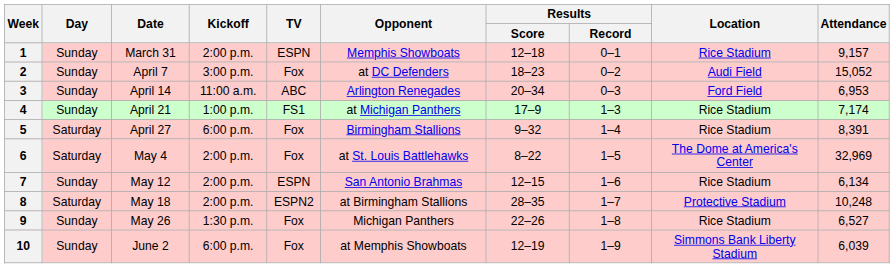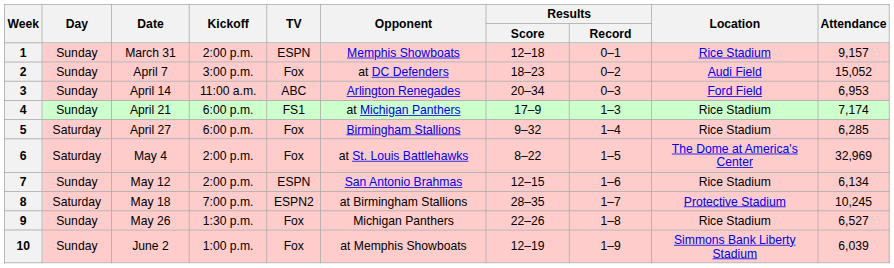 <table class="wikitable" style="text-align:center; font-size: 95%;">
 <tr>
 <th rowspan="2" width="40">Week</th>
 <th rowspan="2" width="80">Day</th>
 <th rowspan="2" width="90">Date</th>
 <th rowspan="2" width="90">Kickoff</th>
 <th rowspan="2" width="60">TV</th>
 <th rowspan="2" width="200">Opponent</th>
 <th colspan="2" width="200">Results</th>
 <th rowspan="2" width="200">Location</th>
 <th rowspan="2">Attendance</th>
 </tr>
 <tr>
 <th width="60">Score</th>
 <th width="60">Record</th>
 </tr>
 <tr style="background:#ffcccc">
 <th>1</th>
 <td>Sunday</td>
 <td>March 31</td>
 <td>2:00 p.m.</td>
 <td>ESPN</td>
 <td><a href='#'>Memphis Showboats</a></td>
 <td>12–18</td>
 <td>0–1</td>
 <td><a href='#'>Rice Stadium</a></td>
 <td>9,157</td>
 </tr>
 <tr style="background:#ffcccc">
 <th>2</th>
 <td>Sunday</td>
 <td>April 7</td>
 <td>3:00 p.m.</td>
 <td>Fox</td>
 <td>at <a href='#'>DC Defenders</a></td>
 <td>18–23</td>
 <td>0–2</td>
 <td><a href='#'>Audi Field</a></td>
 <td>15,052</td>
 </tr>
 <tr style="background:#ffcccc">
 <th>3</th>
 <td>Sunday</td>
 <td>April 14</td>
 <td>11:00 a.m.</td>
 <td>ABC</td>
 <td><a href='#'>Arlington Renegades</a></td>
 <td>20–34</td>
 <td>0–3</td>
 <td><a href='#'>Ford Field</a></td>
 <td>6,953</td>
 </tr>
 <tr style="background:#ccffcc">
 <th>4</th>
 <td>Sunday</td>
 <td>April 21</td>
-<td>1:00 p.m.</td>
+<td>6:00 p.m.</td>
 <td>FS1</td>
 <td>at <a href='#'>Michigan Panthers</a></td>
 <td>17–9</td>
 <td>1–3</td>
 <td>Rice Stadium</td>
 <td>7,174</td>
 </tr>
 <tr style="background:#ffcccc">
 <th>5</th>
 <td>Saturday</td>
 <td>April 27</td>
 <td>6:00 p.m.</td>
 <td>Fox</td>
 <td><a href='#'>Birmingham Stallions</a></td>
 <td>9–32</td>
 <td>1–4</td>
 <td>Rice Stadium</td>
-<td>8,391</td>
+<td>6,285</td>
 </tr>
 <tr style="background:#ffcccc">
 <th>6</th>
 <td>Saturday</td>
 <td>May 4</td>
 <td>2:00 p.m.</td>
 <td>Fox</td>
 <td>at <a href='#'>St. Louis Battlehawks</a></td>
 <td>8–22</td>
 <td>1–5</td>
 <td><a href='#'>The Dome at America's Center</a></td>
 <td>32,969</td>
 </tr>
 <tr style="background:#ffcccc">
 <th>7</th>
 <td>Sunday</td>
 <td>May 12</td>
 <td>2:00 p.m.</td>
 <td>ESPN</td>
 <td><a href='#'>San Antonio Brahmas</a></td>
 <td>12–15</td>
 <td>1–6</td>
 <td>Rice Stadium</td>
 <td>6,134</td>
 </tr>
 <tr style="background:#ffcccc">
 <th>8</th>
 <td>Saturday</td>
 <td>May 18</td>
-<td>2:00 p.m.</td>
+<td>7:00 p.m.</td>
 <td>ESPN2</td>
 <td>at Birmingham Stallions</td>
 <td>28–35</td>
 <td>1–7</td>
 <td><a href='#'>Protective Stadium</a></td>
-<td>10,248</td>
+<td>10,245</td>
 </tr>
 <tr style="background:#ffcccc">
 <th>9</th>
 <td>Sunday</td>
 <td>May 26</td>
 <td>1:30 p.m.</td>
 <td>Fox</td>
 <td>Michigan Panthers</td>
 <td>22–26</td>
 <td>1–8</td>
 <td>Rice Stadium</td>
 <td>6,527</td>
 </tr>
 <tr style="background:#ffcccc">
 <th>10</th>
 <td>Sunday</td>
 <td>June 2</td>
-<td>6:00 p.m.</td>
+<td>1:00 p.m.</td>
 <td>Fox</td>
 <td>at Memphis Showboats</td>
 <td>12–19</td>
 <td>1–9</td>
 <td><a href='#'>Simmons Bank Liberty Stadium</a></td>
 <td>6,039</td>
 </tr>
 </table>
